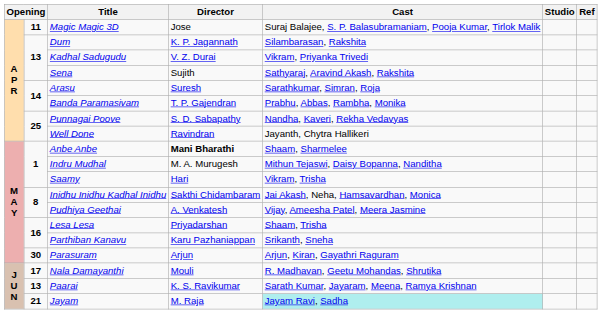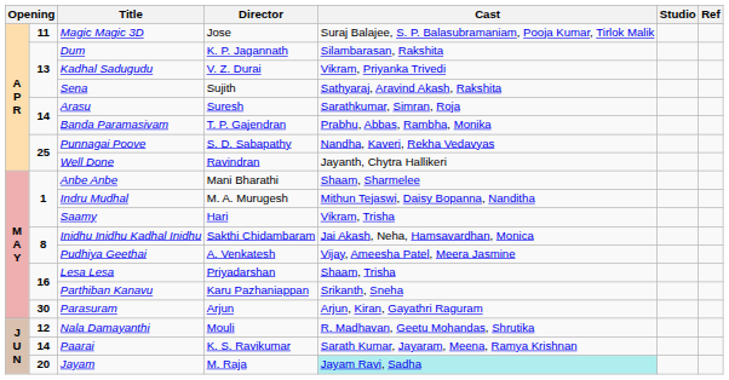 <table class="wikitable">
 <tr>
 <th colspan="2">Opening</th>
 <th>Title</th>
 <th>Director</th>
 <th>Cast</th>
 <th>Studio</th>
 <th>Ref</th>
 </tr>
 <tr April!>
 <td rowspan="8" valign="center" align="center" style="background:#FFDEAD; textcolor:#000;"><strong>A<br>P<br>R</strong></td>
 <td rowspan="1" align="center"><strong>11</strong></td>
 <td><em><a href='#'>Magic Magic 3D</a></em></td>
 <td>Jose</td>
 <td>Suraj Balajee, <a href='#'>S. P. Balasubramaniam</a>, <a href='#'>Pooja Kumar</a>, <a href='#'>Tirlok Malik</a></td>
 <td></td>
 <td></td>
 </tr>
 <tr>
 <td rowspan="3" align="center"><strong>13</strong></td>
 <td><em><a href='#'>Dum</a></em></td>
 <td><a href='#'>K. P. Jagannath</a></td>
 <td><a href='#'>Silambarasan</a>, <a href='#'>Rakshita</a></td>
 <td></td>
 <td></td>
 </tr>
 <tr>
 <td><em><a href='#'>Kadhal Sadugudu</a></em></td>
 <td><a href='#'>V. Z. Durai</a></td>
 <td><a href='#'>Vikram</a>, <a href='#'>Priyanka Trivedi</a></td>
 <td></td>
 <td></td>
 </tr>
 <tr>
 <td><em><a href='#'>Sena</a></em></td>
 <td>Sujith</td>
 <td><a href='#'>Sathyaraj</a>, <a href='#'>Aravind Akash</a>, <a href='#'>Rakshita</a></td>
 <td></td>
 <td></td>
 </tr>
 <tr>
 <td rowspan="2" align="center"><strong>14</strong></td>
 <td><em><a href='#'>Arasu</a></em></td>
 <td><a href='#'>Suresh</a></td>
 <td><a href='#'>Sarathkumar</a>, <a href='#'>Simran</a>, <a href='#'>Roja</a></td>
 <td></td>
 <td></td>
 </tr>
 <tr>
 <td><em><a href='#'>Banda Paramasivam</a></em></td>
 <td><a href='#'>T. P. Gajendran</a></td>
 <td><a href='#'>Prabhu</a>, <a href='#'>Abbas</a>, <a href='#'>Rambha</a>, <a href='#'>Monika</a></td>
 <td></td>
 <td></td>
 </tr>
 <tr>
 <td rowspan="2" align="center"><strong>25</strong></td>
 <td><em><a href='#'>Punnagai Poove</a></em></td>
 <td><a href='#'>S. D. Sabapathy</a></td>
 <td><a href='#'>Nandha</a>, <a href='#'>Kaveri</a>, <a href='#'>Rekha Vedavyas</a></td>
 <td></td>
 <td></td>
 </tr>
 <tr>
 <td><em><a href='#'>Well Done</a></em></td>
 <td><a href='#'>Ravindran</a></td>
 <td>Jayanth,  Chytra Hallikeri</td>
 <td></td>
 <td></td>
 </tr>
 <tr May!>
 <td rowspan="8" valign="center" align="center" style="background:#edafaf; textcolor:#000;"><strong>M<br>A<br>Y</strong></td>
 <td rowspan="3" align="center"><strong>1</strong></td>
 <td><em><a href='#'>Anbe Anbe</a></em></td>
-<td><strong>Mani Bharathi</strong></td>
+<td>Mani Bharathi</td>
 <td><a href='#'>Shaam</a>, <a href='#'>Sharmelee</a></td>
 <td></td>
 <td></td>
 </tr>
 <tr>
 <td><em><a href='#'>Indru Mudhal</a></em></td>
 <td>M. A. Murugesh</td>
 <td><a href='#'>Mithun Tejaswi</a>, <a href='#'>Daisy Bopanna</a>, <a href='#'>Nanditha</a></td>
 <td></td>
 <td></td>
 </tr>
 <tr>
 <td><em><a href='#'>Saamy</a></em></td>
 <td><a href='#'>Hari</a></td>
 <td><a href='#'>Vikram</a>, <a href='#'>Trisha</a></td>
 <td></td>
 <td></td>
 </tr>
 <tr>
 <td rowspan="2" align="center"><strong>8</strong></td>
 <td><em><a href='#'>Inidhu Inidhu Kadhal Inidhu</a></em></td>
 <td><a href='#'>Sakthi Chidambaram</a></td>
 <td><a href='#'>Jai Akash</a>, Neha, <a href='#'>Hamsavardhan</a>, <a href='#'>Monica</a></td>
 <td></td>
 <td></td>
 </tr>
 <tr>
 <td><em><a href='#'>Pudhiya Geethai</a></em></td>
 <td><a href='#'>A. Venkatesh</a></td>
 <td><a href='#'>Vijay</a>, <a href='#'>Ameesha Patel</a>, <a href='#'>Meera Jasmine</a></td>
 <td></td>
 <td></td>
 </tr>
 <tr>
 <td rowspan="2" align="center"><strong>16</strong></td>
 <td><em><a href='#'>Lesa Lesa</a></em></td>
 <td><a href='#'>Priyadarshan</a></td>
 <td><a href='#'>Shaam</a>, <a href='#'>Trisha</a></td>
 <td></td>
 <td></td>
 </tr>
 <tr>
 <td><em><a href='#'>Parthiban Kanavu</a></em></td>
 <td><a href='#'>Karu Pazhaniappan</a></td>
 <td><a href='#'>Srikanth</a>, <a href='#'>Sneha</a></td>
 <td></td>
 <td></td>
 </tr>
 <tr>
 <td rowspan="1" align="center"><strong>30</strong></td>
 <td><em><a href='#'>Parasuram</a></em></td>
 <td><a href='#'>Arjun</a></td>
 <td><a href='#'>Arjun</a>, <a href='#'>Kiran</a>, <a href='#'>Gayathri Raguram</a></td>
 <td></td>
 <td></td>
 </tr>
 <tr June!>
 <td rowspan="3" valign="center" align="center" style="background:#d9c1b0; textcolor:#000;"><strong>J<br>U<br>N</strong></td>
-<td rowspan="1" align="center"><strong>17</strong></td>
+<td rowspan="1" align="center"><strong>12</strong></td>
 <td><em><a href='#'>Nala Damayanthi</a></em></td>
 <td><a href='#'>Mouli</a></td>
 <td><a href='#'>R. Madhavan</a>, <a href='#'>Geetu Mohandas</a>, <a href='#'>Shrutika</a></td>
 <td></td>
 <td></td>
 </tr>
 <tr>
-<td rowspan="1" align="center"><strong>13</strong></td>
+<td rowspan="1" align="center"><strong>14</strong></td>
 <td><em><a href='#'>Paarai</a></em></td>
 <td><a href='#'>K. S. Ravikumar</a></td>
 <td><a href='#'>Sarath Kumar</a>, <a href='#'>Jayaram</a>, <a href='#'>Meena</a>, <a href='#'>Ramya Krishnan</a></td>
 <td></td>
 <td></td>
 </tr>
 <tr>
-<td rowspan="1" align="center"><strong>21</strong></td>
+<td rowspan="1" align="center"><strong>20</strong></td>
 <td><em><a href='#'>Jayam</a></em></td>
 <td><a href='#'>M. Raja</a></td>
 <td style="background: paleturquoise;"><a href='#'>Jayam Ravi</a>, <a href='#'>Sadha</a></td>
 <td></td>
 <td></td>
 </tr>
 </table>
